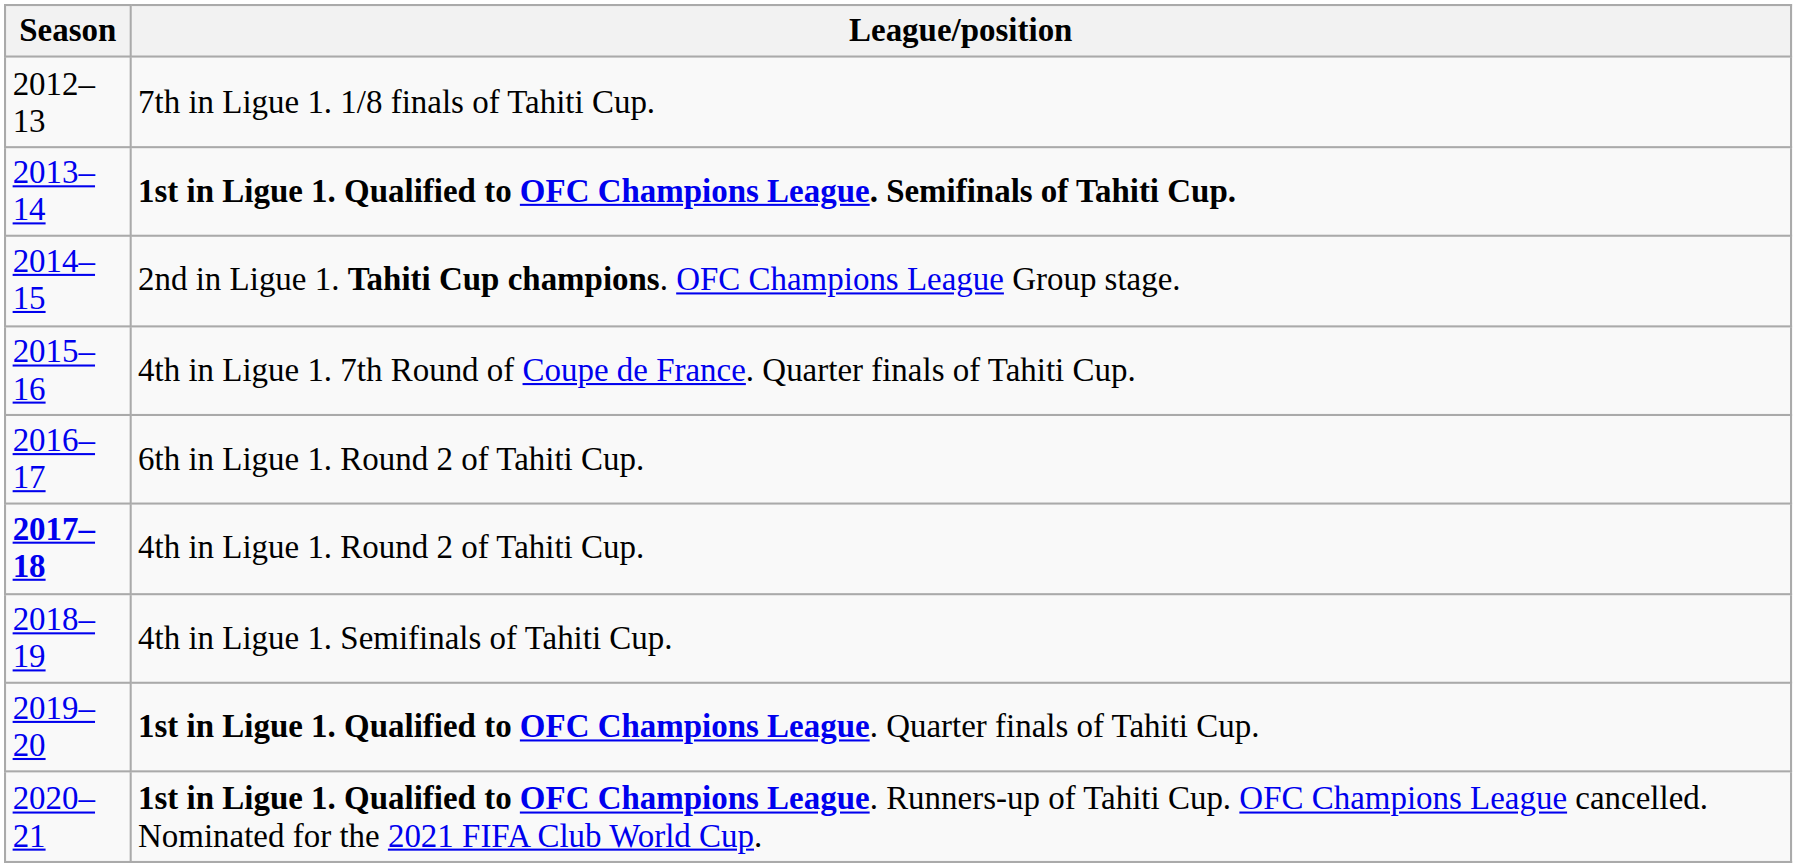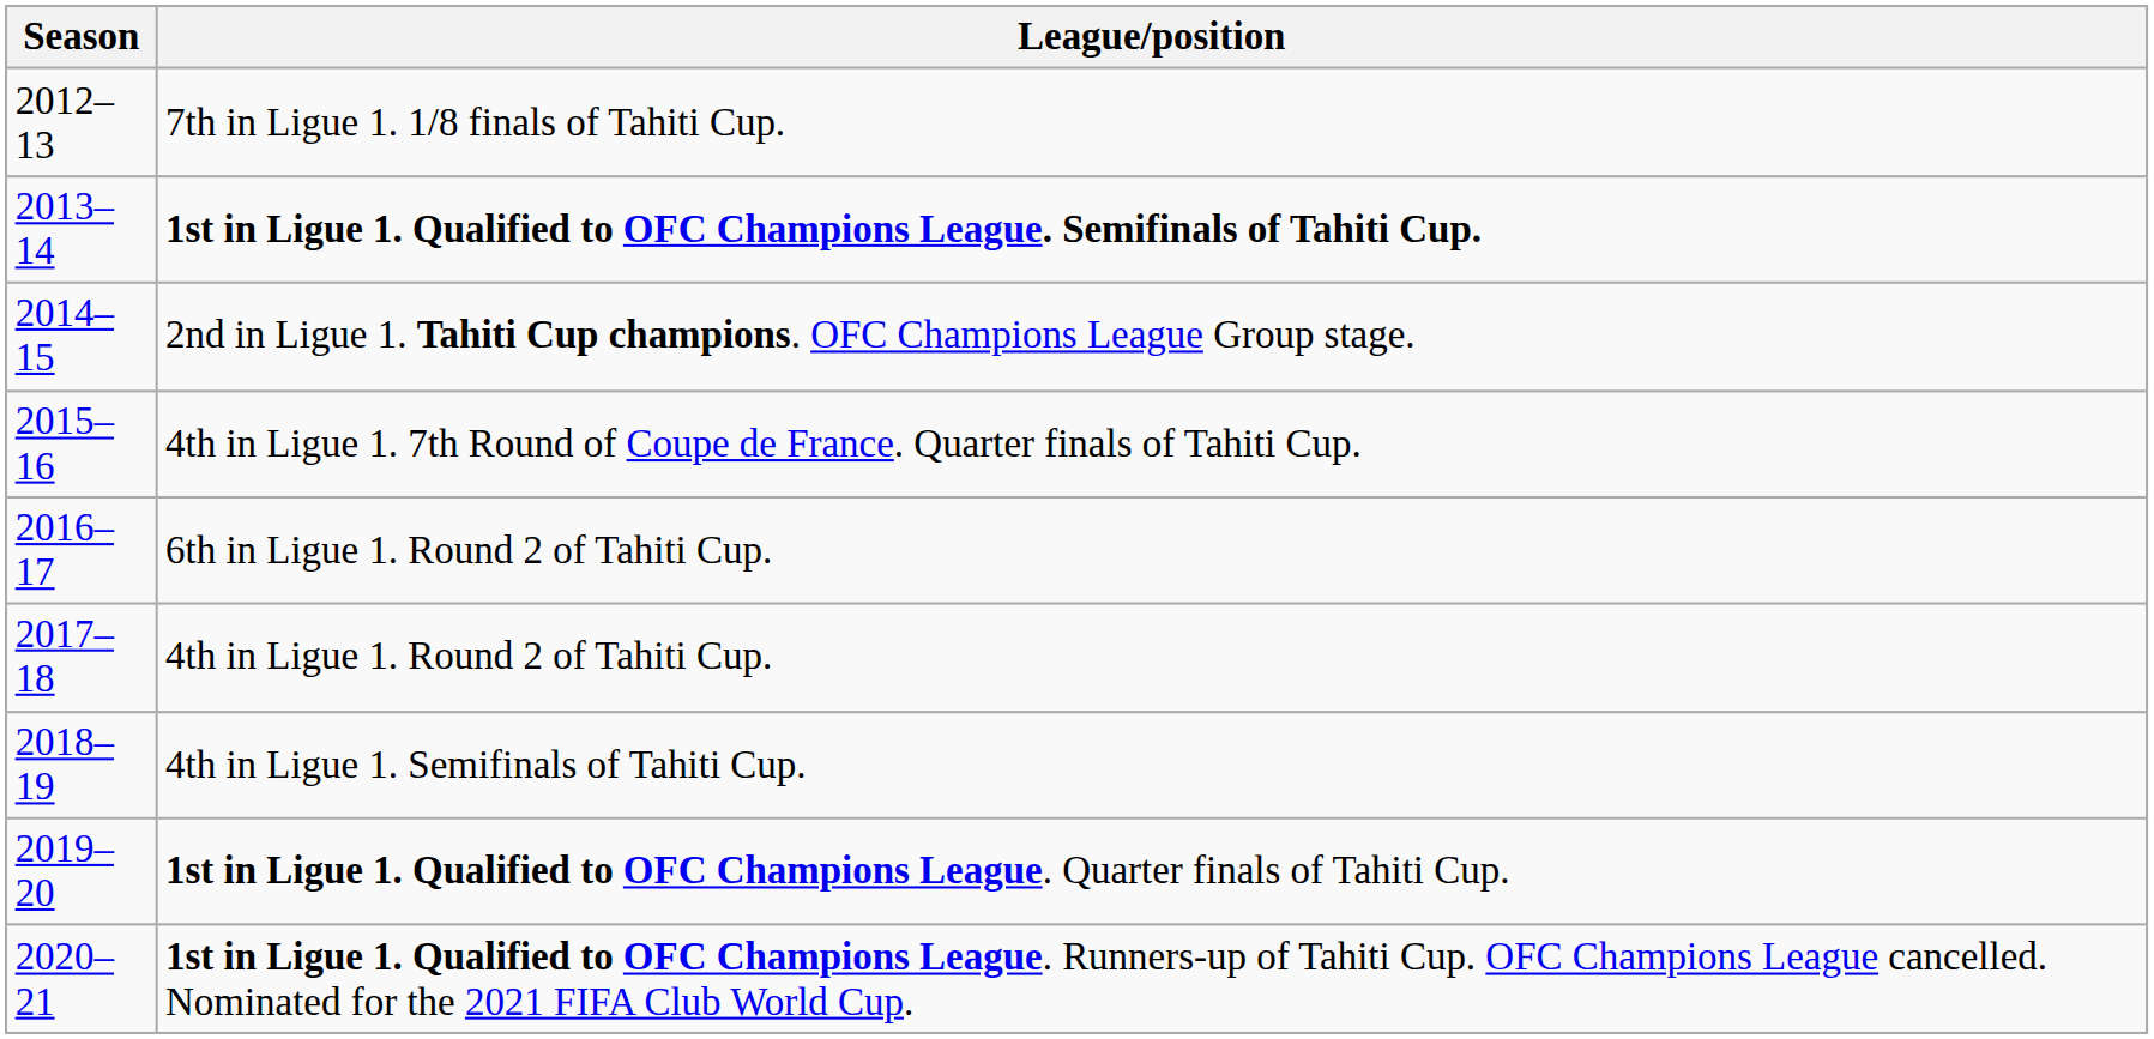 <table class="wikitable sortable">
 <tr>
 <th>Season</th>
 <th>League/position</th>
 </tr>
 <tr>
 <td>2012–13</td>
 <td>7th in Ligue 1. 1/8 finals of Tahiti Cup.</td>
 </tr>
 <tr>
 <td><a href='#'>2013–14</a></td>
 <td><strong>1st in Ligue 1. Qualified to <a href='#'>OFC Champions League</a>. Semifinals of Tahiti Cup.</strong></td>
 </tr>
 <tr>
 <td><a href='#'>2014–15</a></td>
 <td>2nd in Ligue 1. <strong>Tahiti Cup champions</strong>. <a href='#'>OFC Champions League</a> Group stage.</td>
 </tr>
 <tr>
 <td><a href='#'>2015–16</a></td>
 <td>4th in Ligue 1. 7th Round of <a href='#'>Coupe de France</a>. Quarter finals of Tahiti Cup.</td>
 </tr>
 <tr>
 <td><a href='#'>2016–17</a></td>
 <td>6th in Ligue 1. Round 2 of Tahiti Cup.</td>
 </tr>
 <tr>
-<td><strong><a href='#'>2017–18</a></strong></td>
+<td><a href='#'>2017–18</a></td>
 <td>4th in Ligue 1. Round 2 of Tahiti Cup.</td>
 </tr>
 <tr>
 <td><a href='#'>2018–19</a></td>
 <td>4th in Ligue 1. Semifinals of Tahiti Cup.</td>
 </tr>
 <tr>
 <td><a href='#'>2019–20</a></td>
 <td><strong>1st in Ligue 1. Qualified to <a href='#'>OFC Champions League</a></strong>. Quarter finals of Tahiti Cup.</td>
 </tr>
 <tr>
 <td><a href='#'>2020–21</a></td>
 <td><strong>1st in Ligue 1. Qualified to <a href='#'>OFC Champions League</a></strong>. Runners-up of Tahiti Cup. <a href='#'>OFC Champions League</a> cancelled. Nominated for the <a href='#'>2021 FIFA Club World Cup</a>.</td>
 </tr>
 <tr>
 </tr>
 </table>
